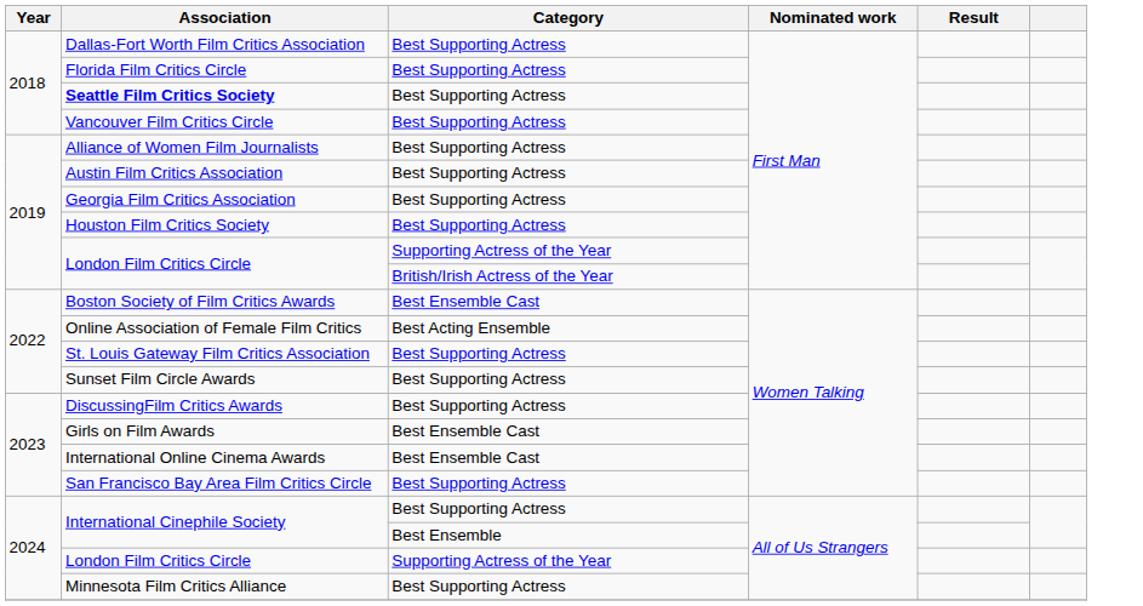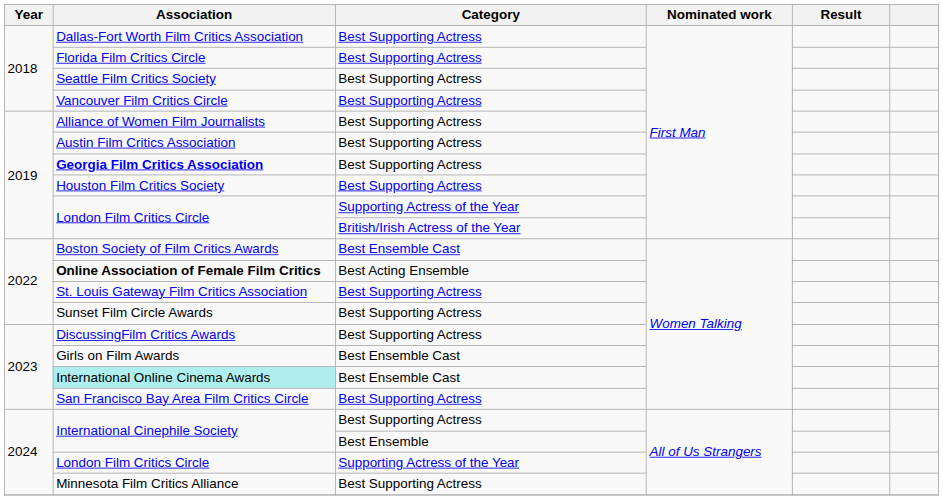 <table class="wikitable plainrowheaders">
 <tr>
 <th style="width:5%;" scope="col">Year</th>
 <th style="width:29%;" scope="col">Association</th>
 <th style="width:32%;" scope="col">Category</th>
 <th style="width:15%;" scope="col">Nominated work</th>
 <th style="width:10%;" scope="col">Result</th>
 <th style="width:5%;" scope="col"></th>
 </tr>
 <tr>
 <td rowspan=4>2018</td>
 <td><a href='#'>Dallas-Fort Worth Film Critics Association</a></td>
 <td><a href='#'>Best Supporting Actress</a></td>
 <td rowspan=10><em><a href='#'>First Man</a></em></td>
 <td></td>
 <td></td>
 </tr>
 <tr>
 <td><a href='#'>Florida Film Critics Circle</a></td>
 <td><a href='#'>Best Supporting Actress</a></td>
 <td></td>
 <td></td>
 </tr>
 <tr>
-<td><strong><a href='#'>Seattle Film Critics Society</a></strong></td>
+<td><a href='#'>Seattle Film Critics Society</a></td>
 <td>Best Supporting Actress</td>
 <td></td>
 <td></td>
 </tr>
 <tr>
 <td><a href='#'>Vancouver Film Critics Circle</a></td>
 <td><a href='#'>Best Supporting Actress</a></td>
 <td></td>
 <td></td>
 </tr>
 <tr>
 <td rowspan="6">2019</td>
 <td><a href='#'>Alliance of Women Film Journalists</a></td>
 <td>Best Supporting Actress</td>
 <td></td>
 <td></td>
 </tr>
 <tr>
 <td><a href='#'>Austin Film Critics Association</a></td>
 <td>Best Supporting Actress</td>
 <td></td>
 <td></td>
 </tr>
 <tr>
-<td><a href='#'>Georgia Film Critics Association</a></td>
+<td><strong><a href='#'>Georgia Film Critics Association</a></strong></td>
 <td>Best Supporting Actress</td>
 <td></td>
 <td></td>
 </tr>
 <tr>
 <td><a href='#'>Houston Film Critics Society</a></td>
 <td><a href='#'>Best Supporting Actress</a></td>
 <td></td>
 <td></td>
 </tr>
 <tr>
 <td rowspan=2><a href='#'>London Film Critics Circle</a></td>
 <td><a href='#'>Supporting Actress of the Year</a></td>
 <td></td>
 <td rowspan=2></td>
 </tr>
 <tr>
 <td><a href='#'>British/Irish Actress of the Year</a></td>
 <td></td>
 </tr>
 <tr>
 <td rowspan="4">2022</td>
 <td><a href='#'>Boston Society of Film Critics Awards</a></td>
 <td><a href='#'>Best Ensemble Cast</a></td>
 <td rowspan="8"><em><a href='#'>Women Talking</a></em></td>
 <td></td>
 <td></td>
 </tr>
 <tr>
-<td>Online Association of Female Film Critics</td>
+<td><strong>Online Association of Female Film Critics</strong></td>
 <td>Best Acting Ensemble</td>
 <td></td>
 <td></td>
 </tr>
 <tr>
 <td><a href='#'>St. Louis Gateway Film Critics Association</a></td>
 <td><a href='#'>Best Supporting Actress</a></td>
 <td></td>
 <td></td>
 </tr>
 <tr>
 <td>Sunset Film Circle Awards</td>
 <td>Best Supporting Actress</td>
 <td></td>
 <td></td>
 </tr>
 <tr>
 <td rowspan="4">2023</td>
 <td><a href='#'>DiscussingFilm Critics Awards</a></td>
 <td>Best Supporting Actress</td>
 <td></td>
 <td></td>
 </tr>
 <tr>
 <td>Girls on Film Awards</td>
 <td>Best Ensemble Cast</td>
 <td></td>
 <td></td>
 </tr>
 <tr>
-<td>International Online Cinema Awards</td>
+<td style="background: paleturquoise;">International Online Cinema Awards</td>
 <td>Best Ensemble Cast</td>
 <td></td>
 <td></td>
 </tr>
 <tr>
 <td><a href='#'>San Francisco Bay Area Film Critics Circle</a></td>
 <td><a href='#'>Best Supporting Actress</a></td>
 <td></td>
 <td></td>
 </tr>
 <tr>
 <td rowspan="4">2024</td>
 <td rowspan="2"><a href='#'>International Cinephile Society</a></td>
 <td>Best Supporting Actress</td>
 <td rowspan="4"><em><a href='#'>All of Us Strangers</a></em></td>
 <td></td>
 <td rowspan="2"></td>
 </tr>
 <tr>
 <td>Best Ensemble</td>
 <td></td>
 </tr>
 <tr>
 <td rowspan=1><a href='#'>London Film Critics Circle</a></td>
 <td><a href='#'>Supporting Actress of the Year</a></td>
 <td></td>
 <td></td>
 </tr>
 <tr>
 <td>Minnesota Film Critics Alliance</td>
 <td>Best Supporting Actress</td>
 <td></td>
 <td></td>
 </tr>
 <tr>
 </tr>
 </table>
